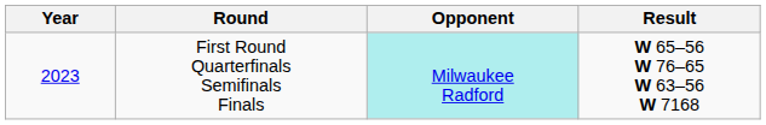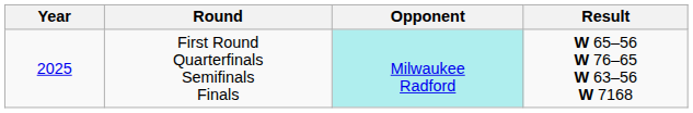 <table class="wikitable sortable" style="width: 35%">
 <tr>
 <th>Year</th>
 <th>Round</th>
 <th>Opponent</th>
 <th>Result</th>
 </tr>
 <tr align="center">
-<td><a href='#'>2023</a></td>
+<td><a href='#'>2025</a></td>
 <td>First Round<br>Quarterfinals<br>Semifinals<br>Finals</td>
 <td style="background: paleturquoise;"><br><a href='#'>Milwaukee</a><br><a href='#'>Radford</a><br></td>
 <td><strong>W</strong> 65–56<br><strong>W</strong> 76–65<br><strong>W</strong> 63–56<br><strong>W</strong> 7168</td>
 </tr>
 </table>
